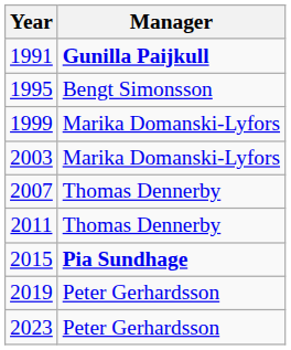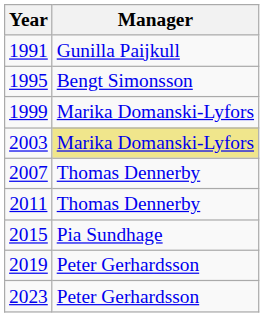 <table class="wikitable">
 <tr>
 <th>Year</th>
 <th>Manager</th>
 </tr>
 <tr>
 <td align=center><a href='#'>1991</a></td>
-<td><strong> <a href='#'>Gunilla Paijkull</a></strong></td>
+<td> <a href='#'>Gunilla Paijkull</a></td>
 </tr>
 <tr>
 <td align=center><a href='#'>1995</a></td>
 <td> <a href='#'>Bengt Simonsson</a></td>
 </tr>
 <tr>
 <td align=center><a href='#'>1999</a></td>
 <td> <a href='#'>Marika Domanski-Lyfors</a></td>
 </tr>
 <tr>
 <td align=center><a href='#'>2003</a></td>
-<td> <a href='#'>Marika Domanski-Lyfors</a></td>
+<td style="background: khaki;"> <a href='#'>Marika Domanski-Lyfors</a></td>
 </tr>
 <tr>
 <td align=center><a href='#'>2007</a></td>
 <td> <a href='#'>Thomas Dennerby</a></td>
 </tr>
 <tr>
 <td align=center><a href='#'>2011</a></td>
 <td> <a href='#'>Thomas Dennerby</a></td>
 </tr>
 <tr>
 <td align=center><a href='#'>2015</a></td>
-<td><strong> <a href='#'>Pia Sundhage</a></strong></td>
+<td> <a href='#'>Pia Sundhage</a></td>
 </tr>
 <tr>
 <td align=center><a href='#'>2019</a></td>
 <td> <a href='#'>Peter Gerhardsson</a></td>
 </tr>
 <tr>
 <td align=center><a href='#'>2023</a></td>
 <td> <a href='#'>Peter Gerhardsson</a></td>
 </tr>
 </table>
